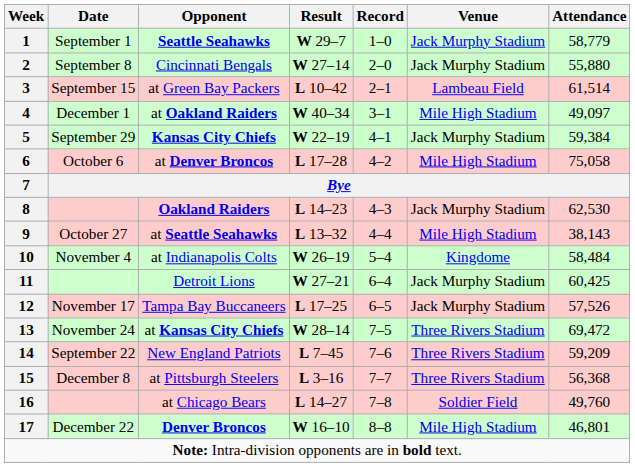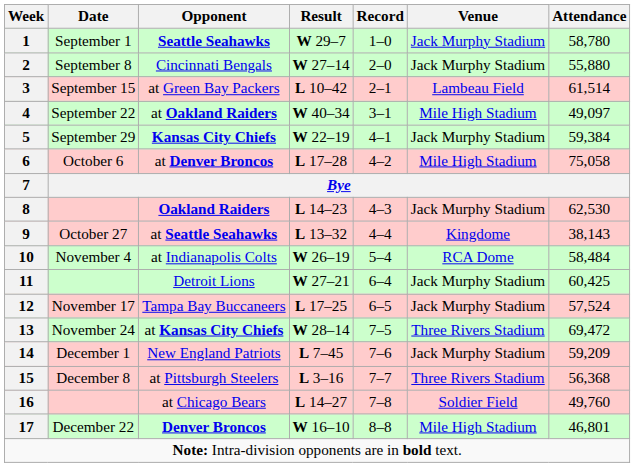 <table class="wikitable" style="text-align:center">
 <tr>
 <th>Week</th>
 <th>Date</th>
 <th>Opponent</th>
 <th>Result</th>
 <th>Record</th>
 <th>Venue</th>
 <th>Attendance</th>
 </tr>
 <tr style="background:#cfc">
 <th>1</th>
 <td>September 1</td>
 <td><strong><a href='#'>Seattle Seahawks</a></strong></td>
 <td><strong>W</strong> 29–7</td>
 <td>1–0</td>
 <td><a href='#'>Jack Murphy Stadium</a></td>
-<td>58,779</td>
+<td>58,780</td>
 </tr>
 <tr style="background:#cfc">
 <th>2</th>
 <td>September 8</td>
 <td><a href='#'>Cincinnati Bengals</a></td>
 <td><strong>W</strong> 27–14</td>
 <td>2–0</td>
 <td>Jack Murphy Stadium</td>
 <td>55,880</td>
 </tr>
 <tr style="background:#fcc">
 <th>3</th>
 <td>September 15</td>
 <td>at <a href='#'>Green Bay Packers</a></td>
 <td><strong>L</strong> 10–42</td>
 <td>2–1</td>
 <td><a href='#'>Lambeau Field</a></td>
 <td>61,514</td>
 </tr>
 <tr style="background:#cfc">
 <th>4</th>
-<td>December 1</td>
+<td>September 22</td>
 <td>at <strong><a href='#'>Oakland Raiders</a></strong></td>
 <td><strong>W</strong> 40–34</td>
 <td>3–1</td>
 <td><a href='#'>Mile High Stadium</a></td>
 <td>49,097</td>
 </tr>
 <tr style="background:#cfc">
 <th>5</th>
 <td>September 29</td>
 <td><strong><a href='#'>Kansas City Chiefs</a></strong></td>
 <td><strong>W</strong> 22–19</td>
 <td>4–1</td>
 <td>Jack Murphy Stadium</td>
 <td>59,384</td>
 </tr>
 <tr style="background:#fcc">
 <th>6</th>
 <td>October 6</td>
 <td>at <strong><a href='#'>Denver Broncos</a></strong></td>
 <td><strong>L</strong> 17–28</td>
 <td>4–2</td>
 <td><a href='#'>Mile High Stadium</a></td>
 <td>75,058</td>
 </tr>
 <tr>
 <th>7</th>
 <th colspan="6"><em><a href='#'>Bye</a></em></th>
 </tr>
 <tr style="background:#fcc">
 <th>8</th>
 <td></td>
 <td><strong><a href='#'>Oakland Raiders</a></strong></td>
 <td><strong>L</strong> 14–23</td>
 <td>4–3</td>
 <td>Jack Murphy Stadium</td>
 <td>62,530</td>
 </tr>
 <tr style="background:#fcc">
 <th>9</th>
 <td>October 27</td>
 <td>at <strong><a href='#'>Seattle Seahawks</a></strong></td>
 <td><strong>L</strong> 13–32</td>
 <td>4–4</td>
-<td><a href='#'>Mile High Stadium</a></td>
+<td><a href='#'>Kingdome</a></td>
 <td>38,143</td>
 </tr>
 <tr style="background:#cfc">
 <th>10</th>
 <td>November 4</td>
 <td>at <a href='#'>Indianapolis Colts</a></td>
 <td><strong>W</strong> 26–19</td>
 <td>5–4</td>
-<td><a href='#'>Kingdome</a></td>
+<td><a href='#'>RCA Dome</a></td>
 <td>58,484</td>
 </tr>
 <tr style="background:#cfc">
 <th>11</th>
 <td></td>
 <td><a href='#'>Detroit Lions</a></td>
 <td><strong>W</strong> 27–21</td>
 <td>6–4</td>
 <td>Jack Murphy Stadium</td>
 <td>60,425</td>
 </tr>
 <tr style="background:#fcc">
 <th>12</th>
 <td>November 17</td>
 <td><a href='#'>Tampa Bay Buccaneers</a></td>
 <td><strong>L</strong> 17–25</td>
 <td>6–5</td>
 <td>Jack Murphy Stadium</td>
-<td>57,526</td>
+<td>57,524</td>
 </tr>
 <tr style="background:#cfc">
 <th>13</th>
 <td>November 24</td>
 <td>at <strong><a href='#'>Kansas City Chiefs</a></strong></td>
 <td><strong>W</strong> 28–14</td>
 <td>7–5</td>
 <td><a href='#'>Three Rivers Stadium</a></td>
 <td>69,472</td>
 </tr>
 <tr style="background:#fcc">
 <th>14</th>
-<td>September 22</td>
+<td>December 1</td>
 <td><a href='#'>New England Patriots</a></td>
 <td><strong>L</strong> 7–45</td>
 <td>7–6</td>
-<td><a href='#'>Three Rivers Stadium</a></td>
+<td>Jack Murphy Stadium</td>
 <td>59,209</td>
 </tr>
 <tr style="background:#fcc">
 <th>15</th>
 <td>December 8</td>
 <td>at <a href='#'>Pittsburgh Steelers</a></td>
 <td><strong>L</strong> 3–16</td>
 <td>7–7</td>
 <td><a href='#'>Three Rivers Stadium</a></td>
 <td>56,368</td>
 </tr>
 <tr style="background:#fcc">
 <th>16</th>
 <td></td>
 <td>at <a href='#'>Chicago Bears</a></td>
 <td><strong>L</strong> 14–27</td>
 <td>7–8</td>
 <td><a href='#'>Soldier Field</a></td>
 <td>49,760</td>
 </tr>
 <tr style="background:#cfc">
 <th>17</th>
 <td>December 22</td>
 <td><strong><a href='#'>Denver Broncos</a></strong></td>
 <td><strong>W</strong> 16–10</td>
 <td>8–8</td>
 <td><a href='#'>Mile High Stadium</a></td>
 <td>46,801</td>
 </tr>
 <tr>
 <td colspan="7"><strong>Note:</strong> Intra-division opponents are in <strong>bold</strong> text.</td>
 </tr>
 </table>
